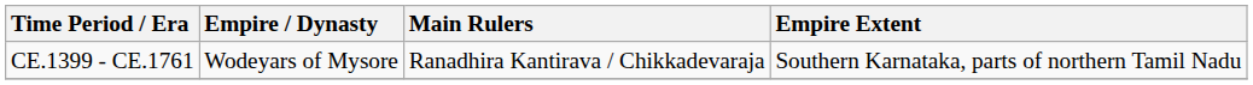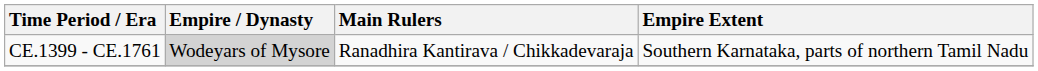 <table class="wikitable">
 <tr>
 <th style="text-align: left;">Time Period / Era</th>
 <th style="text-align: left;">Empire / Dynasty</th>
 <th style="text-align: left;">Main Rulers</th>
 <th style="text-align: left;">Empire Extent</th>
 </tr>
 <tr>
 <td>CE.1399 - CE.1761</td>
-<td>Wodeyars of Mysore</td>
+<td style="background: lightgrey;">Wodeyars of Mysore</td>
 <td>Ranadhira Kantirava / Chikkadevaraja</td>
 <td>Southern Karnataka, parts of northern Tamil Nadu</td>
 </tr>
 <tr>
 </tr>
 </table>
